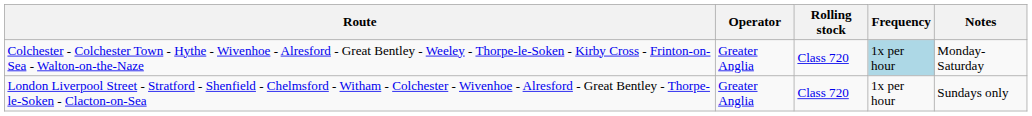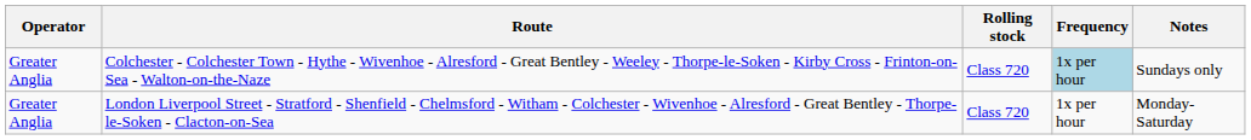 <table class="wikitable vatop">
 <tr>
+<th>Operator</th>
 <th>Route</th>
-<th>Operator</th>
 <th>Rolling stock</th>
 <th>Frequency</th>
 <th>Notes</th>
 </tr>
 <tr>
+<td><a href='#'>Greater Anglia</a></td>
 <td><a href='#'>Colchester</a> - <a href='#'>Colchester Town</a> - <a href='#'>Hythe</a> - <a href='#'>Wivenhoe</a> - <a href='#'>Alresford</a> - Great Bentley - <a href='#'>Weeley</a> - <a href='#'>Thorpe-le-Soken</a> - <a href='#'>Kirby Cross</a> - <a href='#'>Frinton-on-Sea</a> - <a href='#'>Walton-on-the-Naze</a></td>
-<td><a href='#'>Greater Anglia</a></td>
 <td><a href='#'>Class 720</a></td>
 <td style="background: lightblue;">1x per hour</td>
+<td>Sundays only</td>
+</tr>
+<tr>
+<td><a href='#'>Greater Anglia</a></td>
+<td><a href='#'>London Liverpool Street</a> - <a href='#'>Stratford</a> - <a href='#'>Shenfield</a> - <a href='#'>Chelmsford</a> - <a href='#'>Witham</a> - <a href='#'>Colchester</a> - <a href='#'>Wivenhoe</a> - <a href='#'>Alresford</a> - Great Bentley - <a href='#'>Thorpe-le-Soken</a> - <a href='#'>Clacton-on-Sea</a></td>
+<td><a href='#'>Class 720</a></td>
+<td>1x per hour</td>
 <td>Monday-Saturday</td>
 </tr>
-<tr>
-<td><a href='#'>London Liverpool Street</a> - <a href='#'>Stratford</a> - <a href='#'>Shenfield</a> - <a href='#'>Chelmsford</a> - <a href='#'>Witham</a> - <a href='#'>Colchester</a> - <a href='#'>Wivenhoe</a> - <a href='#'>Alresford</a> - Great Bentley - <a href='#'>Thorpe-le-Soken</a> - <a href='#'>Clacton-on-Sea</a></td>
-<td><a href='#'>Greater Anglia</a></td>
-<td><a href='#'>Class 720</a></td>
-<td>1x per hour</td>
-<td>Sundays only</td>
-</tr>
 </table>
